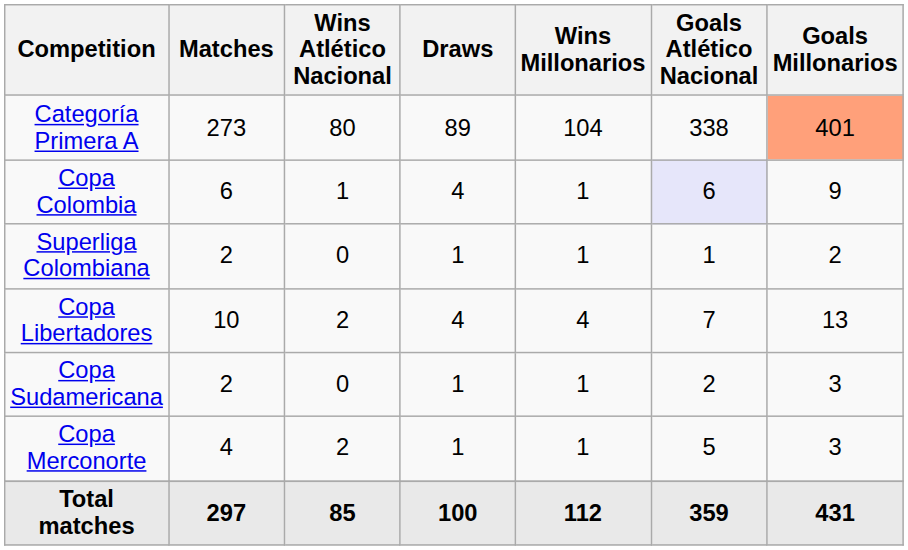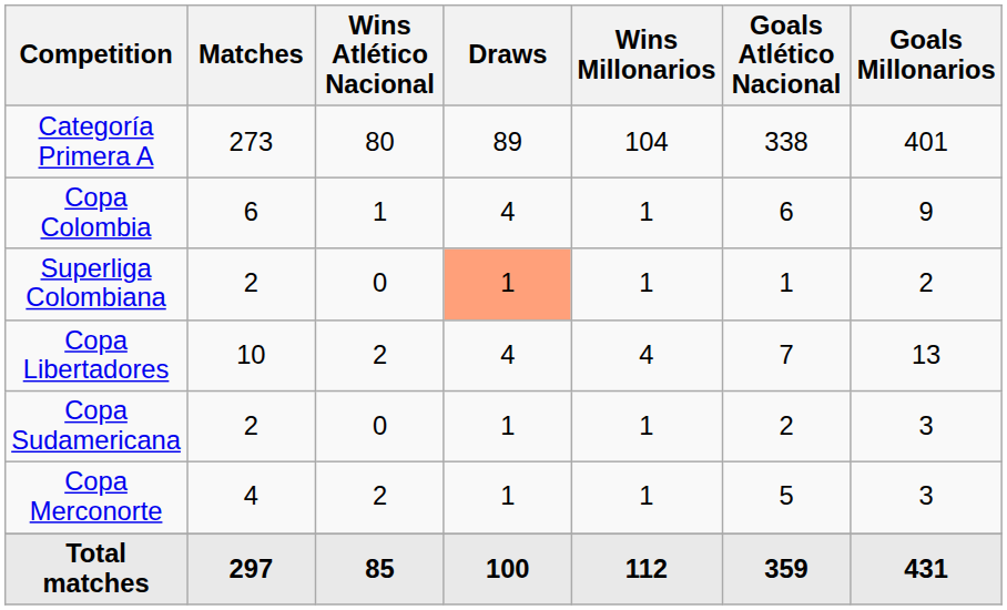 <table class="wikitable" style="text-align: center">
 <tr>
 <th width="13%">Competition</th>
 <th width="13%">Matches</th>
 <th width="13%">Wins<br>Atlético Nacional</th>
 <th width="13%">Draws</th>
 <th width="13%">Wins<br>Millonarios</th>
 <th width="13%">Goals<br>Atlético Nacional</th>
 <th width="13%">Goals<br>Millonarios</th>
 </tr>
 <tr>
 <td><a href='#'>Categoría Primera A</a></td>
 <td>273</td>
 <td>80</td>
 <td>89</td>
 <td>104</td>
 <td>338</td>
-<td style="background: lightsalmon;">401</td>
+<td>401</td>
 </tr>
 <tr>
 <td><a href='#'>Copa Colombia</a></td>
 <td>6</td>
 <td>1</td>
 <td>4</td>
 <td>1</td>
-<td style="background: lavender;">6</td>
+<td>6</td>
 <td>9</td>
 </tr>
 <tr>
 <td><a href='#'>Superliga Colombiana</a></td>
 <td>2</td>
 <td>0</td>
-<td>1</td>
+<td style="background: lightsalmon;">1</td>
 <td>1</td>
 <td>1</td>
 <td>2</td>
 </tr>
 <tr>
 <td><a href='#'>Copa Libertadores</a></td>
 <td>10</td>
 <td>2</td>
 <td>4</td>
 <td>4</td>
 <td>7</td>
 <td>13</td>
 </tr>
 <tr>
 <td><a href='#'>Copa Sudamericana</a></td>
 <td>2</td>
 <td>0</td>
 <td>1</td>
 <td>1</td>
 <td>2</td>
 <td>3</td>
 </tr>
 <tr>
 <td><a href='#'>Copa Merconorte</a></td>
 <td>4</td>
 <td>2</td>
 <td>1</td>
 <td>1</td>
 <td>5</td>
 <td>3</td>
 </tr>
 <tr>
 </tr>
 <tr bgcolor=E9E9E9>
 <td><strong>Total matches</strong></td>
 <td><strong>297</strong></td>
 <td><strong>85</strong></td>
 <td><strong>100</strong></td>
 <td><strong>112</strong></td>
 <td><strong>359</strong></td>
 <td><strong>431</strong></td>
 </tr>
 </table>
